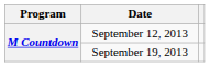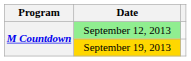 <table class="wikitable plainrowheaders" style="text-align:center;">
 <tr>
 <th scope="col">Program</th>
 <th scope="col" width="150">Date</th>
 <th></th>
 </tr>
 <tr>
 <th scope="row" rowspan="2"><em><a href='#'>M Countdown</a></em></th>
-<td>September 12, 2013</td>
+<td style="background: lightgreen;">September 12, 2013</td>
 <td></td>
 </tr>
 <tr>
-<td>September 19, 2013</td>
+<td style="background: gold;">September 19, 2013</td>
 <td></td>
 </tr>
 </table>
